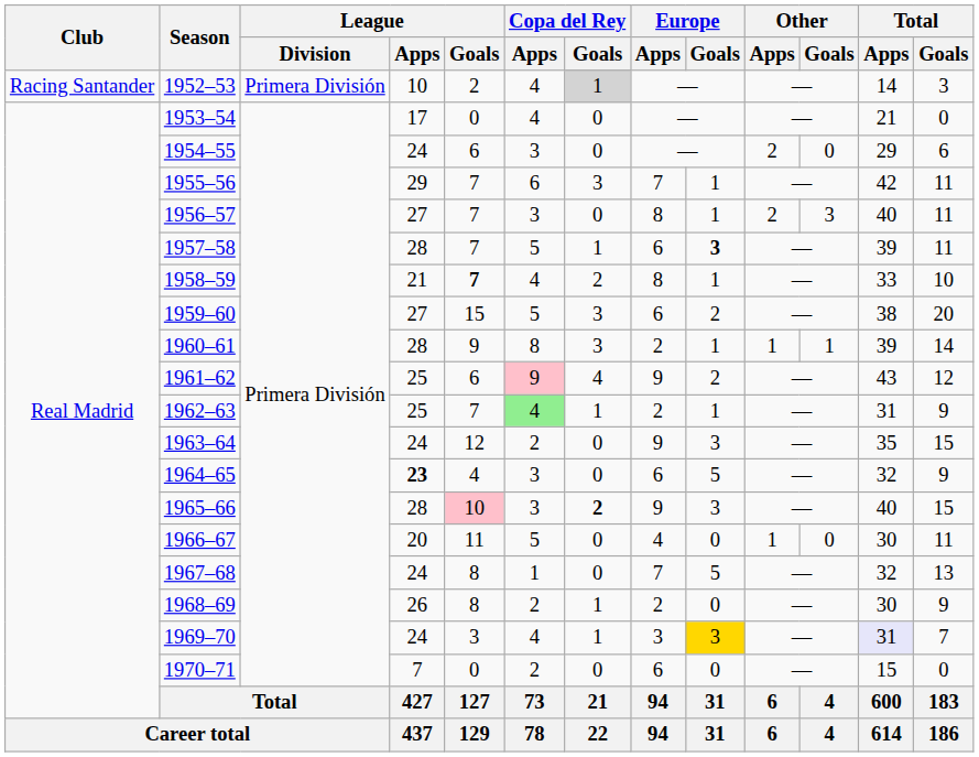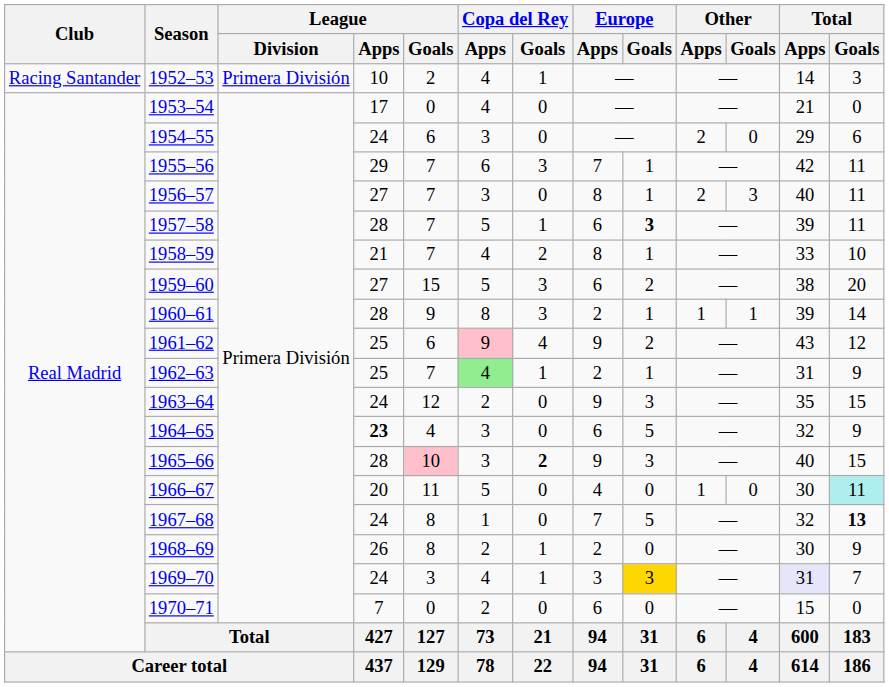 <table class="wikitable" style="text-align:center">
 <tr>
 <th rowspan="2">Club</th>
 <th rowspan="2">Season</th>
 <th colspan="3">League</th>
 <th colspan="2"><a href='#'>Copa del Rey</a></th>
 <th colspan="2"><a href='#'>Europe</a></th>
 <th colspan="2">Other</th>
 <th colspan="2">Total</th>
 </tr>
 <tr>
 <th>Division</th>
 <th>Apps</th>
 <th>Goals</th>
 <th>Apps</th>
 <th>Goals</th>
 <th>Apps</th>
 <th>Goals</th>
 <th>Apps</th>
 <th>Goals</th>
 <th>Apps</th>
 <th>Goals</th>
 </tr>
 <tr>
 <td><a href='#'>Racing Santander</a></td>
 <td><a href='#'>1952–53</a></td>
 <td><a href='#'>Primera División</a></td>
 <td>10</td>
 <td>2</td>
 <td>4</td>
-<td style="background: lightgrey;">1</td>
+<td>1</td>
 <td colspan="2">—</td>
 <td colspan="2">—</td>
 <td>14</td>
 <td>3</td>
 </tr>
 <tr>
 <td rowspan="19"><a href='#'>Real Madrid</a></td>
 <td><a href='#'>1953–54</a></td>
 <td rowspan="18">Primera División</td>
 <td>17</td>
 <td>0</td>
 <td>4</td>
 <td>0</td>
 <td colspan="2">—</td>
 <td colspan="2">—</td>
 <td>21</td>
 <td>0</td>
 </tr>
 <tr>
 <td><a href='#'>1954–55</a></td>
 <td>24</td>
 <td>6</td>
 <td>3</td>
 <td>0</td>
 <td colspan="2">—</td>
 <td>2</td>
 <td>0</td>
 <td>29</td>
 <td>6</td>
 </tr>
 <tr>
 <td><a href='#'>1955–56</a></td>
 <td>29</td>
 <td>7</td>
 <td>6</td>
 <td>3</td>
 <td>7</td>
 <td>1</td>
 <td colspan="2">—</td>
 <td>42</td>
 <td>11</td>
 </tr>
 <tr>
 <td><a href='#'>1956–57</a></td>
 <td>27</td>
 <td>7</td>
 <td>3</td>
 <td>0</td>
 <td>8</td>
 <td>1</td>
 <td>2</td>
 <td>3</td>
 <td>40</td>
 <td>11</td>
 </tr>
 <tr>
 <td><a href='#'>1957–58</a></td>
 <td>28</td>
 <td>7</td>
 <td>5</td>
 <td>1</td>
 <td>6</td>
 <td><strong>3</strong></td>
 <td colspan="2">—</td>
 <td>39</td>
 <td>11</td>
 </tr>
 <tr>
 <td><a href='#'>1958–59</a></td>
 <td>21</td>
-<td><strong>7</strong></td>
+<td>7</td>
 <td>4</td>
 <td>2</td>
 <td>8</td>
 <td>1</td>
 <td colspan="2">—</td>
 <td>33</td>
 <td>10</td>
 </tr>
 <tr>
 <td><a href='#'>1959–60</a></td>
 <td>27</td>
 <td>15</td>
 <td>5</td>
 <td>3</td>
 <td>6</td>
 <td>2</td>
 <td colspan="2">—</td>
 <td>38</td>
 <td>20</td>
 </tr>
 <tr>
 <td><a href='#'>1960–61</a></td>
 <td>28</td>
 <td>9</td>
 <td>8</td>
 <td>3</td>
 <td>2</td>
 <td>1</td>
 <td>1</td>
 <td>1</td>
 <td>39</td>
 <td>14</td>
 </tr>
 <tr>
 <td><a href='#'>1961–62</a></td>
 <td>25</td>
 <td>6</td>
 <td style="background: pink;">9</td>
 <td>4</td>
 <td>9</td>
 <td>2</td>
 <td colspan="2">—</td>
 <td>43</td>
 <td>12</td>
 </tr>
 <tr>
 <td><a href='#'>1962–63</a></td>
 <td>25</td>
 <td>7</td>
 <td style="background: lightgreen;">4</td>
 <td>1</td>
 <td>2</td>
 <td>1</td>
 <td colspan="2">—</td>
 <td>31</td>
 <td>9</td>
 </tr>
 <tr>
 <td><a href='#'>1963–64</a></td>
 <td>24</td>
 <td>12</td>
 <td>2</td>
 <td>0</td>
 <td>9</td>
 <td>3</td>
 <td colspan="2">—</td>
 <td>35</td>
 <td>15</td>
 </tr>
 <tr>
 <td><a href='#'>1964–65</a></td>
 <td><strong>23</strong></td>
 <td>4</td>
 <td>3</td>
 <td>0</td>
 <td>6</td>
 <td>5</td>
 <td colspan="2">—</td>
 <td>32</td>
 <td>9</td>
 </tr>
 <tr>
 <td><a href='#'>1965–66</a></td>
 <td>28</td>
 <td style="background: pink;">10</td>
 <td>3</td>
 <td><strong>2</strong></td>
 <td>9</td>
 <td>3</td>
 <td colspan="2">—</td>
 <td>40</td>
 <td>15</td>
 </tr>
 <tr>
 <td><a href='#'>1966–67</a></td>
 <td>20</td>
 <td>11</td>
 <td>5</td>
 <td>0</td>
 <td>4</td>
 <td>0</td>
 <td>1</td>
 <td>0</td>
 <td>30</td>
-<td>11</td>
+<td style="background: paleturquoise;">11</td>
 </tr>
 <tr>
 <td><a href='#'>1967–68</a></td>
 <td>24</td>
 <td>8</td>
 <td>1</td>
 <td>0</td>
 <td>7</td>
 <td>5</td>
 <td colspan="2">—</td>
 <td>32</td>
-<td>13</td>
+<td><strong>13</strong></td>
 </tr>
 <tr>
 <td><a href='#'>1968–69</a></td>
 <td>26</td>
 <td>8</td>
 <td>2</td>
 <td>1</td>
 <td>2</td>
 <td>0</td>
 <td colspan="2">—</td>
 <td>30</td>
 <td>9</td>
 </tr>
 <tr>
 <td><a href='#'>1969–70</a></td>
 <td>24</td>
 <td>3</td>
 <td>4</td>
 <td>1</td>
 <td>3</td>
 <td style="background: gold;">3</td>
 <td colspan="2">—</td>
 <td style="background: lavender;">31</td>
 <td>7</td>
 </tr>
 <tr>
 <td><a href='#'>1970–71</a></td>
 <td>7</td>
 <td>0</td>
 <td>2</td>
 <td>0</td>
 <td>6</td>
 <td>0</td>
 <td colspan="2">—</td>
 <td>15</td>
 <td>0</td>
 </tr>
 <tr>
 <th colspan="2">Total</th>
 <th>427</th>
 <th>127</th>
 <th>73</th>
 <th>21</th>
 <th>94</th>
 <th>31</th>
 <th>6</th>
 <th>4</th>
 <th>600</th>
 <th>183</th>
 </tr>
 <tr>
 <th colspan="3">Career total</th>
 <th>437</th>
 <th>129</th>
 <th>78</th>
 <th>22</th>
 <th>94</th>
 <th>31</th>
 <th>6</th>
 <th>4</th>
 <th>614</th>
 <th>186</th>
 </tr>
 </table>
